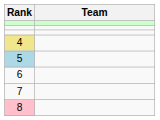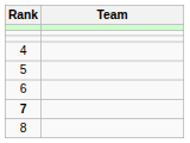 <table class="wikitable">
 <tr>
 <th width=40>Rank</th>
 <th width=180>Team</th>
 </tr>
 <tr bgcolor=#ccffcc>
 <td align=center></td>
 <td></td>
 </tr>
 <tr>
 <td align=center></td>
 <td></td>
 </tr>
 <tr>
 <td align=center></td>
 <td></td>
 </tr>
 <tr>
-<td align=center style="background: khaki;">4</td>
+<td align=center>4</td>
 <td></td>
 </tr>
 <tr>
-<td align=center style="background: lightblue;">5</td>
+<td align=center>5</td>
 <td></td>
 </tr>
 <tr>
 <td align=center>6</td>
 <td></td>
 </tr>
 <tr>
-<td align=center>7</td>
+<td align=center><strong>7</strong></td>
 <td></td>
 </tr>
 <tr>
-<td align=center style="background: pink;">8</td>
+<td align=center>8</td>
 <td></td>
 </tr>
 </table>
